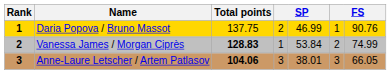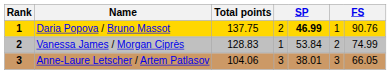 <table class="wikitable sortable">
 <tr>
 <th>Rank</th>
 <th>Name</th>
 <th>Total points</th>
 <th colspan="2" width="80px"><a href='#'>SP</a></th>
 <th colspan="2" width="80px"><a href='#'>FS</a></th>
 </tr>
 <tr bgcolor="gold">
 <td align="center"><strong>1</strong></td>
 <td><a href='#'>Daria Popova</a> / <a href='#'>Bruno Massot</a></td>
 <td align="center">137.75</td>
 <td align="center">2</td>
-<td align="center">46.99</td>
+<td align="center"><strong>46.99</strong></td>
 <td align="center">1</td>
 <td align="center">90.76</td>
 </tr>
 <tr bgcolor="silver">
 <td align="center"><strong>2</strong></td>
 <td><a href='#'>Vanessa James</a> / <a href='#'>Morgan Ciprès</a></td>
-<td align="center"><strong>128.83</strong></td>
+<td align="center">128.83</td>
 <td align="center">1</td>
 <td align="center">53.84</td>
 <td align="center">2</td>
 <td align="center">74.99</td>
 </tr>
 <tr bgcolor="cc9966">
 <td align="center"><strong>3</strong></td>
 <td><a href='#'>Anne-Laure Letscher</a> / <a href='#'>Artem Patlasov</a></td>
-<td align="center"><strong>104.06</strong></td>
+<td align="center">104.06</td>
 <td align="center">3</td>
 <td align="center">38.01</td>
 <td align="center">3</td>
 <td align="center">66.05</td>
 </tr>
 </table>
